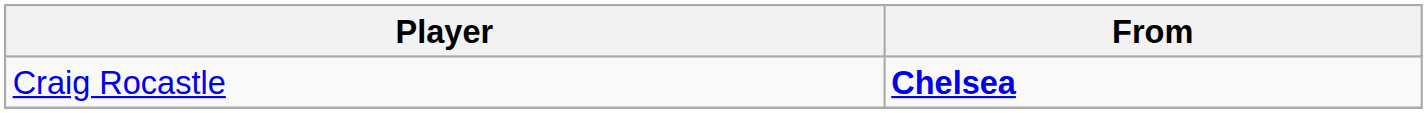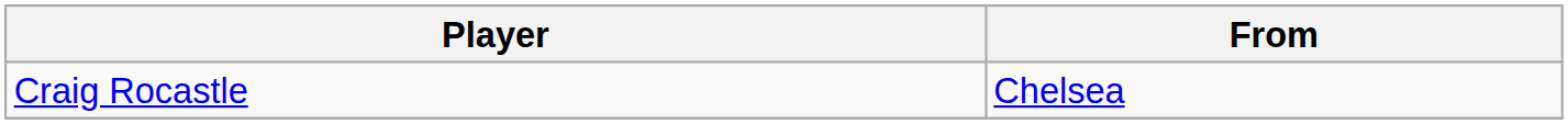 <table class="wikitable" style="text-align:center; font-size:95%;width:75%; text-align:left">
 <tr>
 <th><strong>Player</strong></th>
 <th><strong>From</strong></th>
 </tr>
 <tr --->
 <td> <a href='#'>Craig Rocastle</a></td>
-<td><strong><a href='#'>Chelsea</a></strong></td>
+<td><a href='#'>Chelsea</a></td>
 </tr>
 <tr>
 </tr>
 </table>
